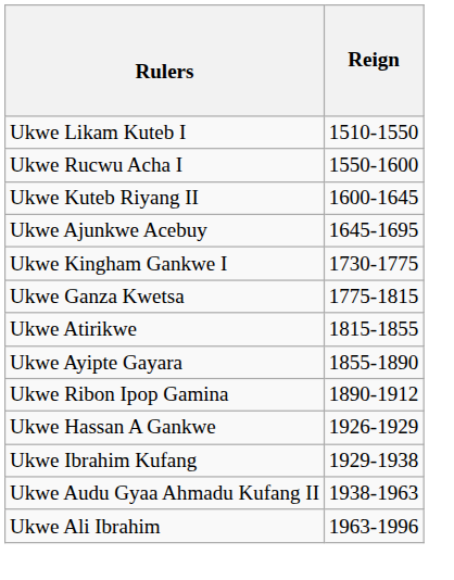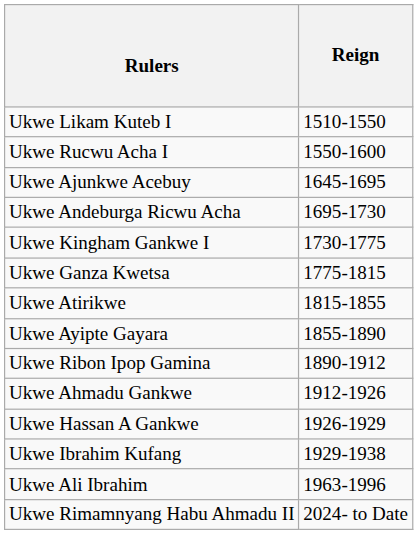 <table class="wikitable">
 <tr>
 <th><br><h4>Rulers</h4></th>
 <th>Reign</th>
 </tr>
 <tr>
 <td>Ukwe Likam Kuteb I</td>
 <td>1510-1550</td>
 </tr>
 <tr>
 <td>Ukwe Rucwu Acha I</td>
 <td>1550-1600</td>
 </tr>
 <tr>
-<td>Ukwe Kuteb Riyang II</td>
-<td>1600-1645</td>
+<td>Ukwe Ajunkwe Acebuy</td>
+<td>1645-1695</td>
 </tr>
 <tr>
-<td>Ukwe Ajunkwe Acebuy</td>
-<td>1645-1695</td>
+<td>Ukwe Andeburga Ricwu Acha</td>
+<td>1695-1730</td>
 </tr>
 <tr>
 <td>Ukwe Kingham Gankwe I</td>
 <td>1730-1775</td>
 </tr>
 <tr>
 <td>Ukwe Ganza Kwetsa</td>
 <td>1775-1815</td>
 </tr>
 <tr>
 <td>Ukwe Atirikwe</td>
 <td>1815-1855</td>
 </tr>
 <tr>
 <td>Ukwe Ayipte Gayara</td>
 <td>1855-1890</td>
 </tr>
 <tr>
 <td>Ukwe Ribon Ipop Gamina</td>
 <td>1890-1912</td>
 </tr>
 <tr>
+<td>Ukwe Ahmadu Gankwe</td>
+<td>1912-1926</td>
+</tr>
+<tr>
 <td>Ukwe Hassan A Gankwe</td>
 <td>1926-1929</td>
 </tr>
 <tr>
 <td>Ukwe Ibrahim Kufang</td>
 <td>1929-1938</td>
 </tr>
 <tr>
-<td>Ukwe Audu Gyaa Ahmadu Kufang II</td>
-<td>1938-1963</td>
-</tr>
-<tr>
 <td>Ukwe Ali Ibrahim</td>
 <td>1963-1996</td>
 </tr>
+<tr>
+<td>Ukwe Rimamnyang Habu Ahmadu II</td>
+<td>2024- to Date</td>
+</tr>
 </table>
